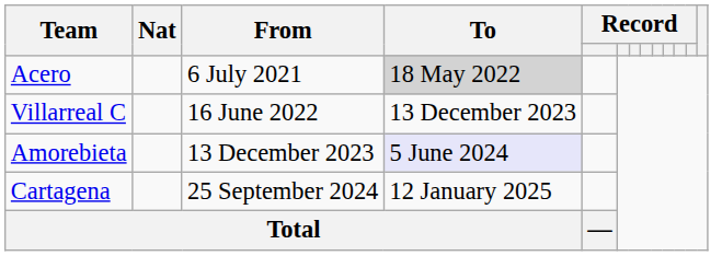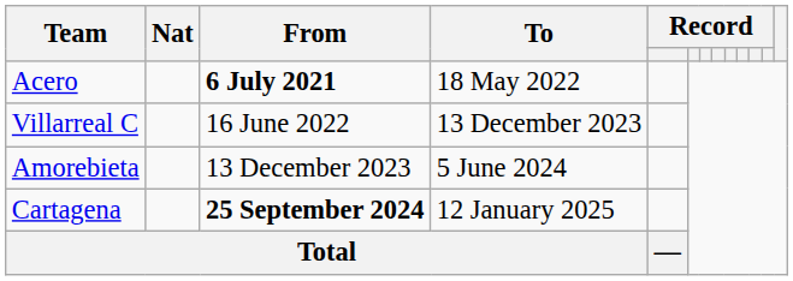 <table class="wikitable" style="text-align: center">
 <tr>
 <th rowspan="2">Team</th>
 <th rowspan="2">Nat</th>
 <th rowspan="2">From</th>
 <th rowspan="2">To</th>
 <th colspan="8">Record</th>
 <th rowspan=2></th>
 </tr>
 <tr>
 <th></th>
 <th></th>
 <th></th>
 <th></th>
 <th></th>
 <th></th>
 <th></th>
 <th></th>
 </tr>
 <tr>
 <td align="left"><a href='#'>Acero</a></td>
 <td></td>
-<td align=left>6 July 2021</td>
-<td align=left style="background: lightgrey;">18 May 2022<br></td>
+<td align=left><strong>6 July 2021</strong></td>
+<td align=left>18 May 2022<br></td>
 <td></td>
 </tr>
 <tr>
 <td align="left"><a href='#'>Villarreal C</a></td>
 <td></td>
 <td align=left>16 June 2022</td>
 <td align=left>13 December 2023<br></td>
 <td></td>
 </tr>
 <tr>
 <td align=left><a href='#'>Amorebieta</a></td>
 <td></td>
 <td align=left>13 December 2023</td>
-<td align=left style="background: lavender;">5 June 2024<br></td>
+<td align=left>5 June 2024<br></td>
 <td></td>
 </tr>
 <tr>
 <td align=left><a href='#'>Cartagena</a></td>
 <td></td>
-<td align=left>25 September 2024</td>
+<td align=left><strong>25 September 2024</strong></td>
 <td align=left>12 January 2025<br></td>
 <td></td>
 </tr>
 <tr>
 <th colspan=4>Total<br></th>
 <th>—</th>
 </tr>
 </table>
